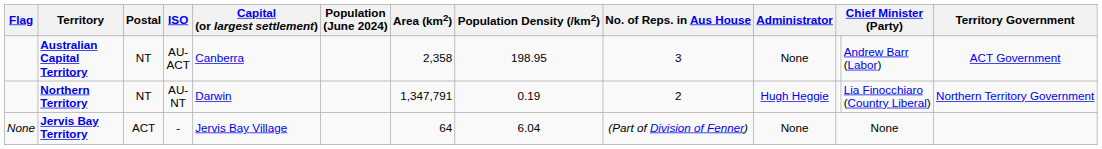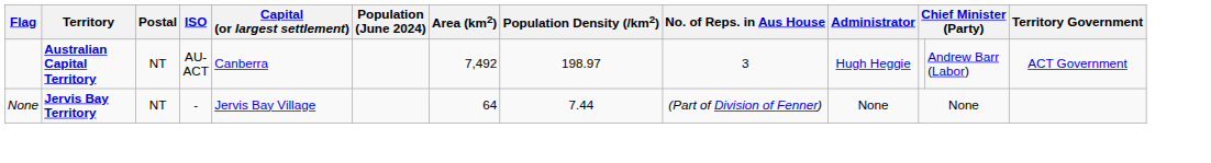 <table class="wikitable sortable" style="text-align:center">
 <tr>
 <th class="unsortable"><a href='#'>Flag</a></th>
 <th scope="col" width="110">Territory</th>
 <th scope="col" width="030.0">Postal</th>
 <th scope="col" width="030"><a href='#'>ISO</a></th>
 <th><a href='#'>Capital</a><br>(or <em>largest settlement</em>)</th>
 <th>Population<br>(June 2024)</th>
 <th>Area (km<sup>2</sup>)</th>
 <th>Population Density (/km<sup>2</sup>)</th>
 <th>No. of Reps. in <a href='#'>Aus House</a></th>
 <th><a href='#'>Administrator</a></th>
 <th colspan="2"><a href='#'>Chief Minister</a><br>(Party)</th>
 <th>Territory Government</th>
 </tr>
 <tr style="text-align:center">
 <td></td>
 <td style="text-align:left"><strong><a href='#'>Australian Capital Territory</a></strong></td>
 <td>NT</td>
 <td>AU-ACT</td>
 <td style="text-align:left"><a href='#'>Canberra</a></td>
 <td style="text-align:right"></td>
-<td style="text-align:right">2,358</td>
-<td>198.95</td>
+<td style="text-align:right">7,492</td>
+<td>198.97</td>
 <td>3</td>
-<td>None</td>
+<td><a href='#'>Hugh Heggie</a></td>
 <td style="background-color: "></td>
 <td style="text-align:left"><a href='#'>Andrew Barr</a><br>(<a href='#'>Labor</a>)</td>
 <td><a href='#'>ACT Government</a></td>
 </tr>
 <tr style="text-align:center">
-<td></td>
-<td style="text-align:left"><strong><a href='#'>Northern Territory</a></strong></td>
-<td>NT</td>
-<td>AU-NT</td>
-<td style="text-align:left"><a href='#'>Darwin</a></td>
-<td style="text-align:right"></td>
-<td style="text-align:right">1,347,791</td>
-<td>0.19</td>
-<td>2</td>
-<td><a href='#'>Hugh Heggie</a></td>
-<td style="background-color: "></td>
-<td style="text-align:left"><a href='#'>Lia Finocchiaro</a><br>(<a href='#'>Country Liberal</a>)</td>
-<td><a href='#'>Northern Territory Government</a></td>
-</tr>
-<tr style="text-align:center">
 <td><em>None</em></td>
 <td style="text-align:left"><strong><a href='#'>Jervis Bay Territory</a></strong></td>
-<td>ACT</td>
+<td>NT</td>
 <td>-</td>
 <td style="text-align:left"><a href='#'>Jervis Bay Village</a></td>
 <td style="text-align:right"></td>
 <td style="text-align:right">64</td>
-<td>6.04</td>
+<td>7.44</td>
 <td><em>(Part of <a href='#'>Division of Fenner</a>)</em></td>
 <td>None</td>
 <td colspan="2">None</td>
 <td></td>
 </tr>
 </table>
